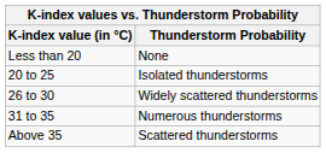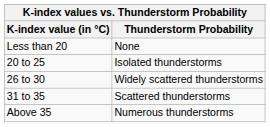 <table class="wikitable">
 <tr>
 <th colspan="3">K-index values vs. Thunderstorm Probability</th>
 </tr>
 <tr>
 <th>K-index value (in °C)</th>
 <th>Thunderstorm Probability</th>
 </tr>
 <tr>
 <td>Less than 20</td>
 <td>None</td>
 </tr>
 <tr>
 <td>20 to 25</td>
 <td>Isolated thunderstorms</td>
 </tr>
 <tr>
 <td>26 to 30</td>
 <td>Widely scattered thunderstorms</td>
 </tr>
 <tr>
 <td>31 to 35</td>
-<td>Numerous thunderstorms</td>
+<td>Scattered thunderstorms</td>
 </tr>
 <tr>
 <td>Above 35</td>
-<td>Scattered thunderstorms</td>
+<td>Numerous thunderstorms</td>
 </tr>
 </table>
